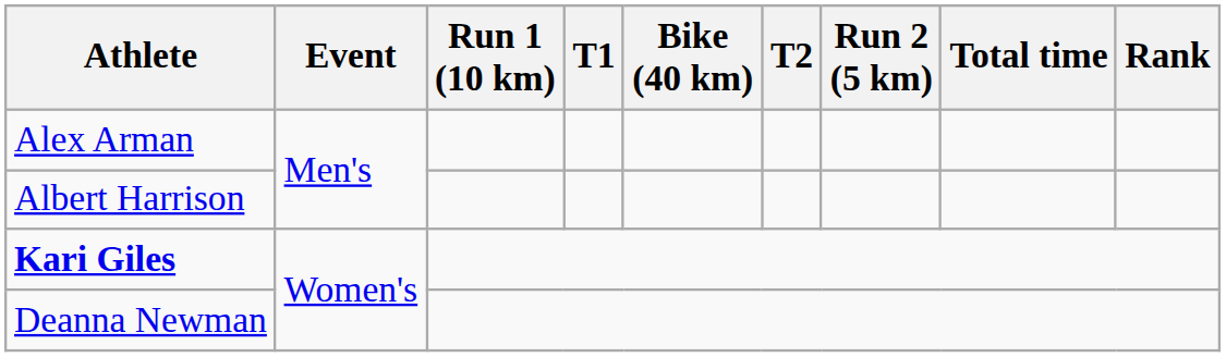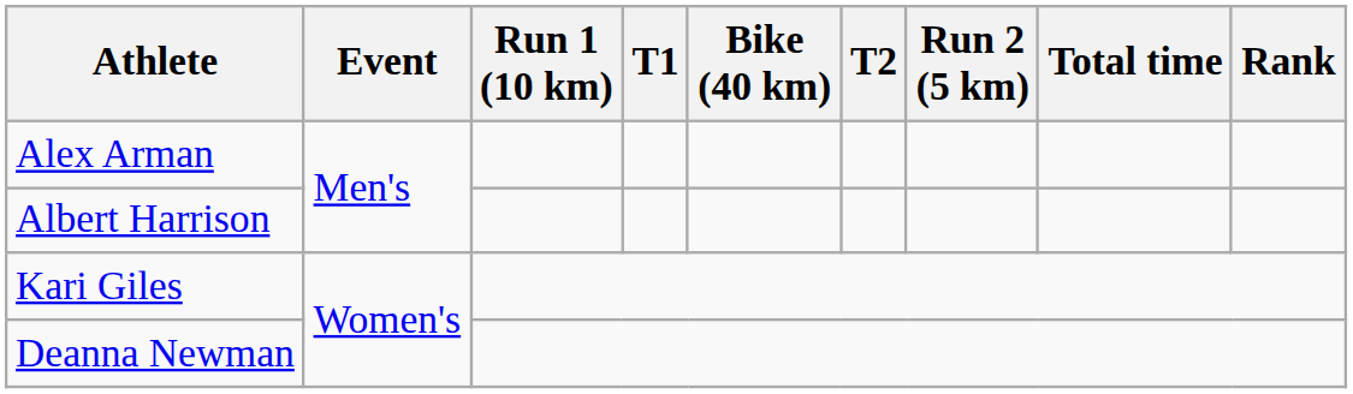 <table class=wikitable style=font-size:90%;text-align:center>
 <tr>
 <th>Athlete</th>
 <th>Event</th>
 <th>Run 1<br><span>(10 km)</span></th>
 <th>T1</th>
 <th>Bike<br><span>(40 km)</span></th>
 <th>T2</th>
 <th>Run 2<br><span>(5 km)</span></th>
 <th>Total time</th>
 <th>Rank</th>
 </tr>
 <tr>
 <td align=left><a href='#'>Alex Arman</a></td>
 <td align=left rowspan=2><a href='#'>Men's</a></td>
 <td></td>
 <td></td>
 <td></td>
 <td></td>
 <td></td>
 <td></td>
 <td></td>
 </tr>
 <tr>
 <td align=left><a href='#'>Albert Harrison</a></td>
 <td></td>
 <td></td>
 <td></td>
 <td></td>
 <td></td>
 <td></td>
 <td></td>
 </tr>
 <tr>
-<td align=left><strong><a href='#'>Kari Giles</a></strong></td>
+<td align=left><a href='#'>Kari Giles</a></td>
 <td align=left rowspan=2><a href='#'>Women's</a></td>
 <td colspan=7></td>
 </tr>
 <tr>
 <td align=left><a href='#'>Deanna Newman</a></td>
 <td colspan=7></td>
 </tr>
 </table>
